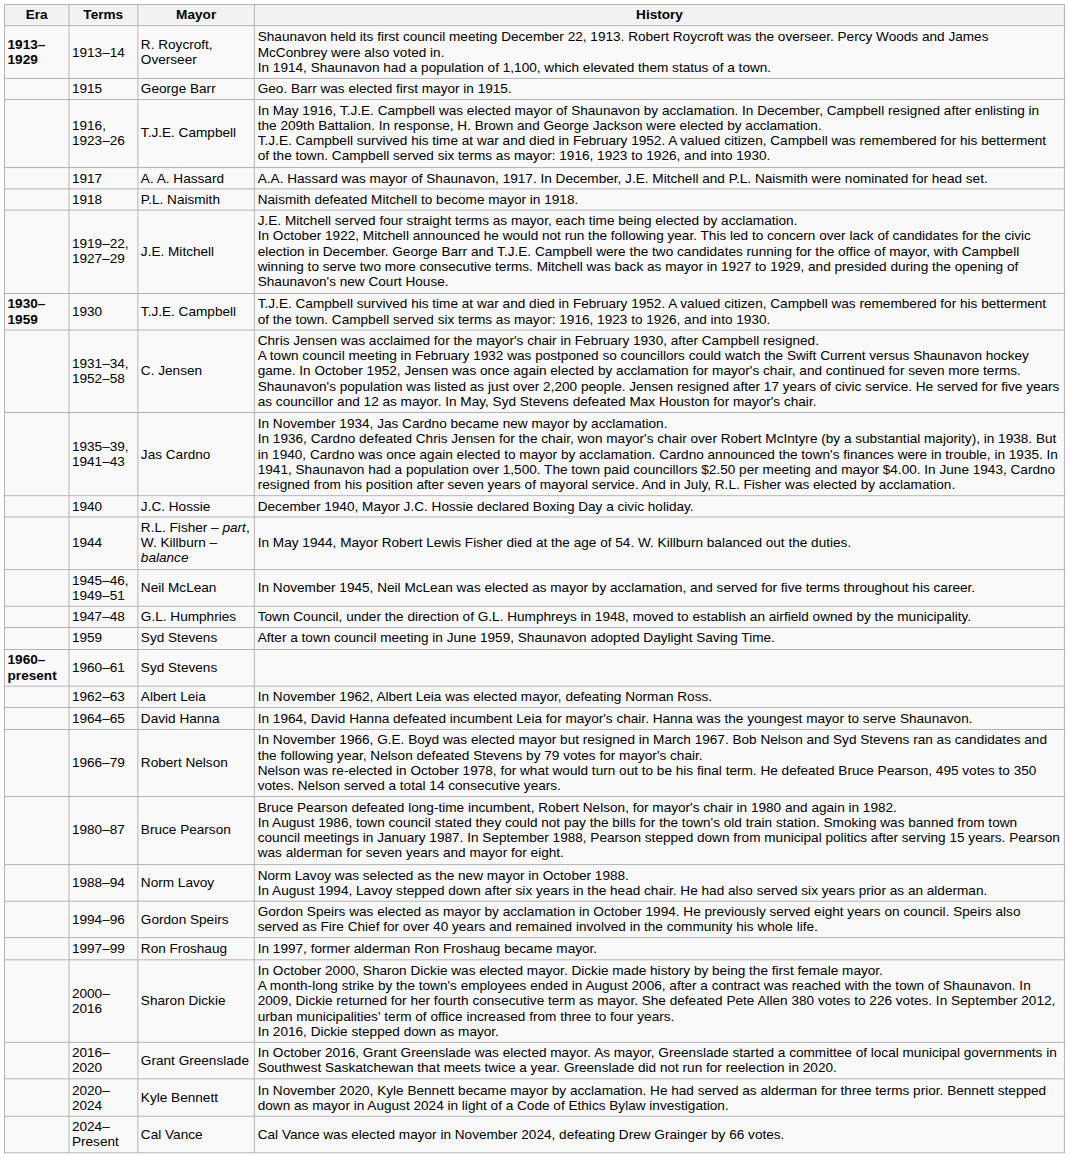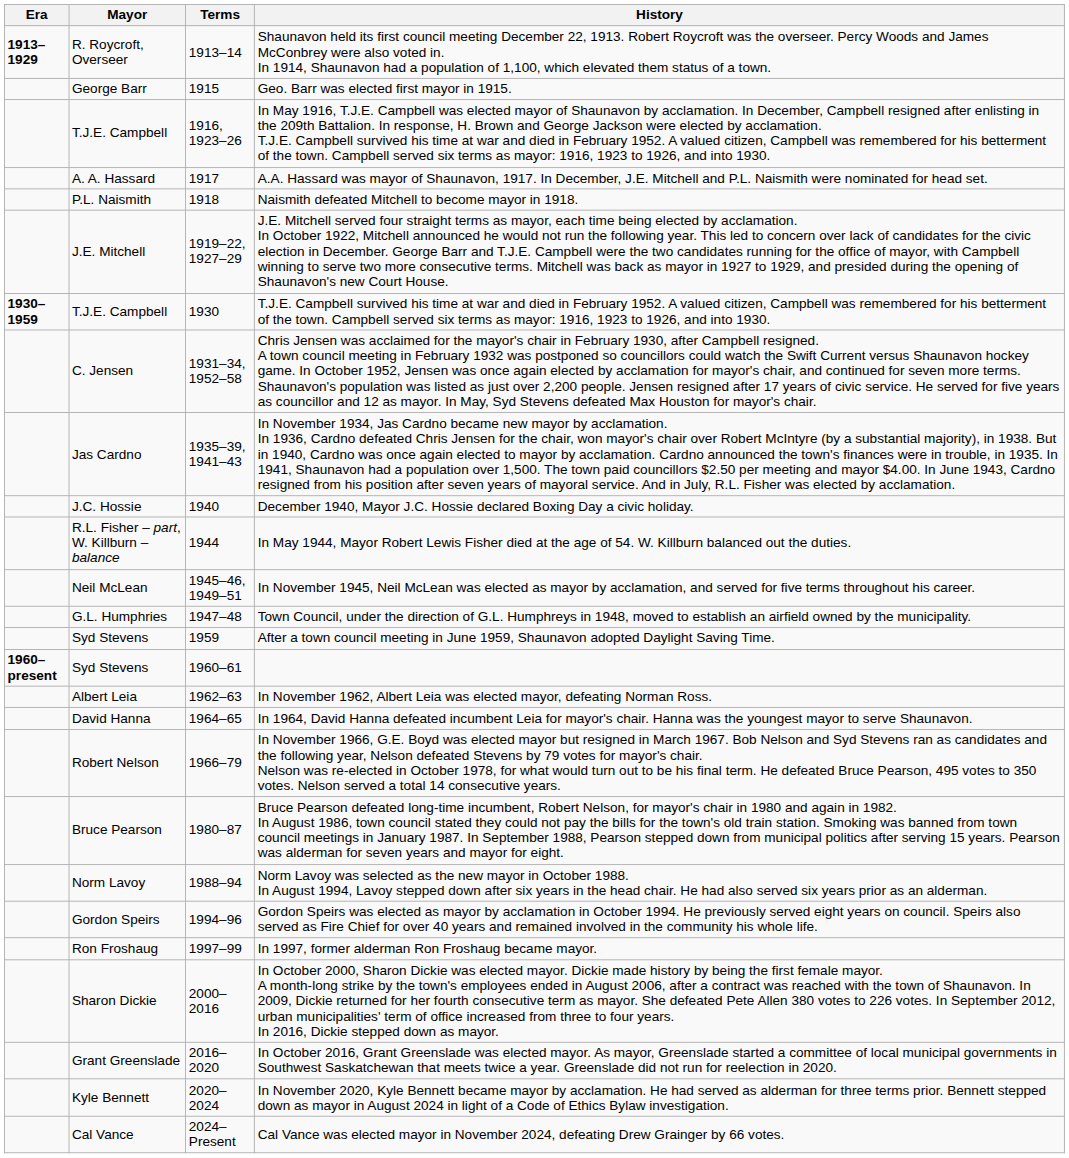 <table class="wikitable">
 <tr>
 <th>Era</th>
+<th>Mayor</th>
 <th>Terms</th>
-<th>Mayor</th>
 <th>History</th>
 </tr>
 <tr>
 <td><strong>1913–1929</strong></td>
+<td>R. Roycroft, Overseer</td>
 <td>1913–14</td>
-<td>R. Roycroft, Overseer</td>
 <td>Shaunavon held its first council meeting December 22, 1913. Robert Roycroft was the overseer. Percy Woods and James McConbrey were also voted in.<br>	In 1914, Shaunavon had a population of 1,100, which elevated them status of a town.</td>
 </tr>
 <tr>
 <td></td>
+<td>George Barr</td>
 <td>1915</td>
-<td>George Barr</td>
 <td>Geo. Barr was elected first mayor in 1915.</td>
 </tr>
 <tr>
 <td></td>
+<td>T.J.E. Campbell</td>
 <td>1916, 1923–26</td>
-<td>T.J.E. Campbell</td>
 <td>In May 1916, T.J.E. Campbell was elected mayor of Shaunavon by acclamation. In December, Campbell resigned after enlisting in the 209th Battalion. In response, H. Brown and George Jackson were elected by acclamation.<br>	T.J.E. Campbell survived his time at war and died in February 1952. A valued citizen, Campbell was remembered for his betterment of the town. Campbell served six terms as mayor: 1916, 1923 to 1926, and into 1930.</td>
 </tr>
 <tr>
 <td></td>
+<td>A. A. Hassard</td>
 <td>1917</td>
-<td>A. A. Hassard</td>
 <td>A.A. Hassard was mayor of Shaunavon, 1917. In December, J.E. Mitchell and P.L. Naismith were nominated for head set.</td>
 </tr>
 <tr>
 <td></td>
+<td>P.L. Naismith</td>
 <td>1918</td>
-<td>P.L. Naismith</td>
 <td>Naismith defeated Mitchell to become mayor in 1918.</td>
 </tr>
 <tr>
 <td></td>
+<td>J.E. Mitchell</td>
 <td>1919–22, 1927–29</td>
-<td>J.E. Mitchell</td>
 <td>J.E. Mitchell served four straight terms as mayor, each time being elected by acclamation.<br>	In October 1922, Mitchell announced he would not run the following year. This led to concern over lack of candidates for the civic election in December. George Barr and T.J.E. Campbell were the two candidates running for the office of mayor, with Campbell winning to serve two more consecutive terms. 	Mitchell was back as mayor in 1927 to 1929, and presided during the opening of Shaunavon's new Court House.</td>
 </tr>
 <tr>
 <td><strong>1930–1959</strong></td>
+<td>T.J.E. Campbell</td>
 <td>1930</td>
-<td>T.J.E. Campbell</td>
 <td>T.J.E. Campbell survived his time at war and died in February 1952. A valued citizen, Campbell was remembered for his betterment of the town. Campbell served six terms as mayor: 1916, 1923 to 1926, and into 1930.</td>
 </tr>
 <tr>
 <td></td>
+<td>C. Jensen</td>
 <td>1931–34, 1952–58</td>
-<td>C. Jensen</td>
 <td>Chris Jensen was acclaimed for the mayor's chair in February 1930, after Campbell resigned.<br>	A town council meeting in February 1932 was postponed so councillors could watch the Swift Current versus Shaunavon hockey game. 	In October 1952, Jensen was once again elected by acclamation for mayor's chair, and continued for seven more terms. Shaunavon's population was listed as just over 2,200 people. 	Jensen resigned after 17 years of civic service. He served for five years as councillor and 12 as mayor. In May, Syd Stevens defeated Max Houston for mayor's chair.</td>
 </tr>
 <tr>
 <td></td>
+<td>Jas Cardno</td>
 <td>1935–39, 1941–43</td>
-<td>Jas Cardno</td>
 <td>In November 1934, Jas Cardno became new mayor by acclamation.<br>	In 1936, Cardno defeated Chris Jensen for the chair, won mayor's chair over Robert McIntyre (by a substantial majority), in 1938. But in 1940, Cardno was once again elected to mayor by acclamation. 	Cardno announced the town's finances were in trouble, in 1935. 	In 1941, Shaunavon had a population over 1,500. The town paid councillors $2.50 per meeting and mayor $4.00. 	In June 1943, Cardno resigned from his position after seven years of mayoral service. And in July, R.L. Fisher was elected by acclamation.</td>
 </tr>
 <tr>
 <td></td>
+<td>J.C. Hossie</td>
 <td>1940</td>
-<td>J.C. Hossie</td>
 <td>December 1940, Mayor J.C. Hossie declared Boxing Day a civic holiday.</td>
 </tr>
 <tr>
 <td></td>
+<td>R.L. Fisher – <em>part</em>, W. Killburn – <em>balance</em></td>
 <td>1944</td>
-<td>R.L. Fisher – <em>part</em>, W. Killburn – <em>balance</em></td>
 <td>In May 1944, Mayor Robert Lewis Fisher died at the age of 54. W. Killburn balanced out the duties.</td>
 </tr>
 <tr>
 <td></td>
+<td>Neil McLean</td>
 <td>1945–46, 1949–51</td>
-<td>Neil McLean</td>
 <td>In November 1945, Neil McLean was elected as mayor by acclamation, and served for five terms throughout his career.</td>
 </tr>
 <tr>
 <td></td>
+<td>G.L. Humphries</td>
 <td>1947–48</td>
-<td>G.L. Humphries</td>
 <td>Town Council, under the direction of G.L. Humphreys in 1948, moved to establish an airfield owned by the municipality.</td>
 </tr>
 <tr>
 <td></td>
+<td>Syd Stevens</td>
 <td>1959</td>
-<td>Syd Stevens</td>
 <td>After a town council meeting in June 1959, Shaunavon adopted Daylight Saving Time.</td>
 </tr>
 <tr>
 <td><strong>1960–present</strong></td>
+<td>Syd Stevens</td>
 <td>1960–61</td>
-<td>Syd Stevens</td>
 <td></td>
 </tr>
 <tr>
 <td></td>
+<td>Albert Leia</td>
 <td>1962–63</td>
-<td>Albert Leia</td>
 <td>In November 1962, Albert Leia was elected mayor, defeating Norman Ross.</td>
 </tr>
 <tr>
 <td></td>
+<td>David Hanna</td>
 <td>1964–65</td>
-<td>David Hanna</td>
 <td>In 1964, David Hanna defeated incumbent Leia for mayor's chair. Hanna was the youngest mayor to serve Shaunavon.</td>
 </tr>
 <tr>
 <td></td>
+<td>Robert Nelson</td>
 <td>1966–79</td>
-<td>Robert Nelson</td>
 <td>In November 1966, G.E. Boyd was elected mayor but resigned in March 1967. Bob Nelson and Syd Stevens ran as candidates and the following year, Nelson defeated Stevens by 79 votes for mayor's chair.<br>	Nelson was re-elected in October 1978, for what would turn out to be his final term. He defeated Bruce Pearson, 495 votes to 350 votes. Nelson served a total 14 consecutive years.</td>
 </tr>
 <tr>
 <td></td>
+<td>Bruce Pearson</td>
 <td>1980–87</td>
-<td>Bruce Pearson</td>
 <td>Bruce Pearson defeated long-time incumbent, Robert Nelson, for mayor's chair in 1980 and again in 1982.<br>	In August 1986, town council stated they could not pay the bills for the town's old train station. 	Smoking was banned from town council meetings in January 1987. 	In September 1988, Pearson stepped down from municipal politics after serving 15 years. Pearson was alderman for seven years and mayor for eight.</td>
 </tr>
 <tr>
 <td></td>
+<td>Norm Lavoy</td>
 <td>1988–94</td>
-<td>Norm Lavoy</td>
 <td>Norm Lavoy was selected as the new mayor in October 1988.<br>	In August 1994, Lavoy stepped down after six years in the head chair. He had also served six years prior as an alderman.</td>
 </tr>
 <tr>
 <td></td>
+<td>Gordon Speirs</td>
 <td>1994–96</td>
-<td>Gordon Speirs</td>
 <td>Gordon Speirs was elected as mayor by acclamation in October 1994. He previously served eight years on council. Speirs also served as Fire Chief for over 40 years and remained involved in the community his whole life.</td>
 </tr>
 <tr>
 <td></td>
+<td>Ron Froshaug</td>
 <td>1997–99</td>
-<td>Ron Froshaug</td>
 <td>In 1997, former alderman Ron Froshaug became mayor.</td>
 </tr>
 <tr>
 <td></td>
+<td>Sharon Dickie</td>
 <td>2000–2016</td>
-<td>Sharon Dickie</td>
 <td>In October 2000, Sharon Dickie was elected mayor. Dickie made history by being the first female mayor.<br>	A month-long strike by the town's employees ended in August 2006, after a contract was reached with the town of Shaunavon. 	In 2009, Dickie returned for her fourth consecutive term as mayor. She defeated Pete Allen 380 votes to 226 votes. 	In September 2012, urban municipalities' term of office increased from three to four years.<br>In 2016, Dickie stepped down as mayor.</td>
 </tr>
 <tr>
 <td></td>
+<td>Grant Greenslade</td>
 <td>2016–2020</td>
-<td>Grant Greenslade</td>
 <td>In October 2016, Grant Greenslade was elected mayor. As mayor, Greenslade started a committee of local municipal governments in Southwest Saskatchewan that meets twice a year. Greenslade did not run for reelection in 2020.</td>
 </tr>
 <tr>
 <td></td>
+<td>Kyle Bennett</td>
 <td>2020–2024</td>
-<td>Kyle Bennett</td>
 <td>In November 2020, Kyle Bennett became mayor by acclamation. He had served as alderman for three terms prior. Bennett stepped down as mayor in August 2024 in light of a Code of Ethics Bylaw investigation.</td>
 </tr>
 <tr>
 <td></td>
+<td>Cal Vance</td>
 <td>2024–Present</td>
-<td>Cal Vance</td>
 <td>Cal Vance was elected mayor in November 2024, defeating Drew Grainger by 66 votes.</td>
 </tr>
 </table>
